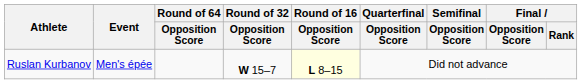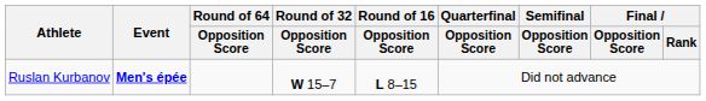 <table class="wikitable" style="font-size:90%">
 <tr>
 <th rowspan="2">Athlete</th>
 <th rowspan="2">Event</th>
 <th>Round of 64</th>
 <th>Round of 32</th>
 <th>Round of 16</th>
 <th>Quarterfinal</th>
 <th>Semifinal</th>
 <th colspan=2>Final / </th>
 </tr>
 <tr style="font-size:95%">
 <th>Opposition <br> Score</th>
 <th>Opposition <br> Score</th>
 <th>Opposition <br> Score</th>
 <th>Opposition <br> Score</th>
 <th>Opposition <br> Score</th>
 <th>Opposition <br> Score</th>
 <th>Rank</th>
 </tr>
 <tr align=center>
 <td align=left><a href='#'>Ruslan Kurbanov</a></td>
-<td align=left><a href='#'>Men's épée</a></td>
+<td align=left><strong><a href='#'>Men's épée</a></strong></td>
 <td></td>
 <td><br><strong>W</strong> 15–7</td>
-<td style="background: lightyellow;"><br><strong>L</strong> 8–15</td>
+<td><br><strong>L</strong> 8–15</td>
 <td colspan=4>Did not advance</td>
 </tr>
 </table>
